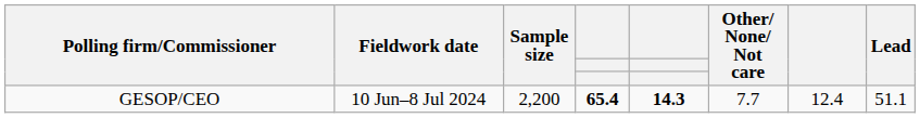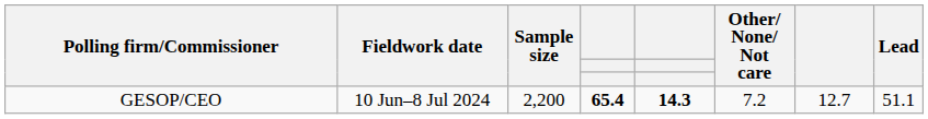 <table class="wikitable collapsible collapsed" style="text-align:center; font-size:90%; line-height:14px;">
 <tr style="height:42px;">
 <th style="width:250px;" rowspan="3">Polling firm/Commissioner</th>
 <th style="width:125px;" rowspan="3">Fieldwork date</th>
 <th style="width:50px;" rowspan="3">Sample size</th>
 <th style="width:35px;"></th>
 <th style="width:55px;"></th>
 <th style="width:55px;" rowspan="3">Other/<br>None/<br>Not<br>care</th>
 <th style="width:55px;" rowspan="3"></th>
 <th style="width:30px;" rowspan="3">Lead</th>
 </tr>
 <tr>
 <th style="color:inherit;background:"></th>
 <th style="color:inherit;background:"></th>
 </tr>
 <tr>
 <th></th>
 <th></th>
 </tr>
 <tr>
 <td>GESOP/CEO</td>
 <td>10 Jun–8 Jul 2024</td>
 <td>2,200</td>
 <td><strong>65.4</strong></td>
 <td><strong>14.3</strong></td>
-<td>7.7</td>
-<td>12.4</td>
+<td>7.2</td>
+<td>12.7</td>
 <td style="background:">51.1</td>
 </tr>
 </table>
